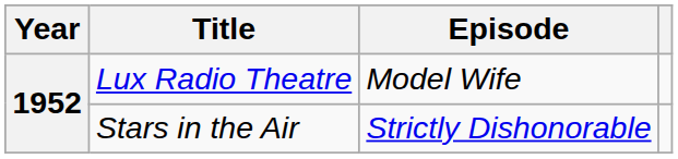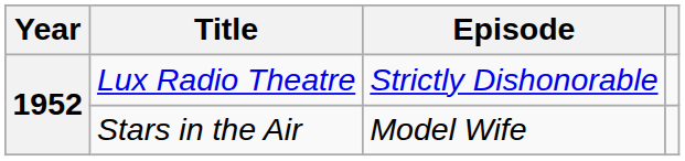 <table class="wikitable sortable plainrowheaders">
 <tr style="text-align:left;">
 <th>Year</th>
 <th>Title</th>
 <th>Episode</th>
 <th class="unsortable"></th>
 </tr>
 <tr>
 <th rowspan="2" scope="row">1952</th>
 <td><em><a href='#'>Lux Radio Theatre</a></em></td>
-<td><em>Model Wife</em></td>
+<td><em><a href='#'>Strictly Dishonorable</a></em></td>
 <td style="text-align:center;"></td>
 </tr>
 <tr>
 <td><em>Stars in the Air</em></td>
-<td><em><a href='#'>Strictly Dishonorable</a></em></td>
+<td><em>Model Wife</em></td>
 <td style="text-align:center;"></td>
 </tr>
 </table>
